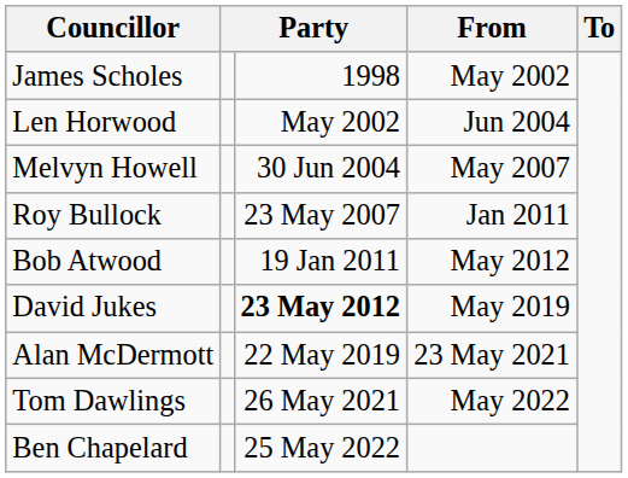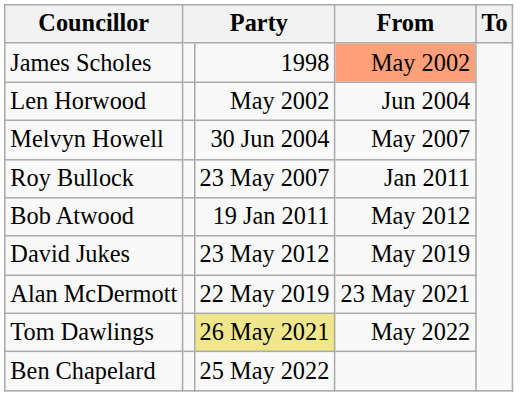 <table class=wikitable>
 <tr>
 <th>Councillor</th>
 <th colspan=2>Party</th>
 <th>From</th>
 <th>To</th>
 </tr>
 <tr>
 <td>James Scholes</td>
 <td></td>
 <td align=right>1998</td>
-<td align=right>May 2002</td>
+<td align=right style="background: lightsalmon;">May 2002</td>
 </tr>
 <tr>
 <td>Len Horwood</td>
 <td></td>
 <td align=right>May 2002</td>
 <td align=right>Jun 2004</td>
 </tr>
 <tr>
 <td>Melvyn Howell</td>
 <td></td>
 <td align=right>30 Jun 2004</td>
 <td align=right>May 2007</td>
 </tr>
 <tr>
 <td>Roy Bullock</td>
 <td></td>
 <td align=right>23 May 2007</td>
 <td align=right>Jan 2011</td>
 </tr>
 <tr>
 <td>Bob Atwood</td>
 <td></td>
 <td align=right>19 Jan 2011</td>
 <td align=right>May 2012</td>
 </tr>
 <tr>
 <td>David Jukes</td>
 <td></td>
-<td align=right><strong>23 May 2012</strong></td>
+<td align=right>23 May 2012</td>
 <td align=right>May 2019</td>
 </tr>
 <tr>
 <td>Alan McDermott</td>
 <td></td>
 <td align=right>22 May 2019</td>
 <td align=right>23 May 2021</td>
 </tr>
 <tr>
 <td>Tom Dawlings</td>
 <td></td>
-<td align=right>26 May 2021</td>
+<td align=right style="background: khaki;">26 May 2021</td>
 <td align=right>May 2022</td>
 </tr>
 <tr>
 <td>Ben Chapelard</td>
 <td></td>
 <td align=right>25 May 2022</td>
 <td></td>
 </tr>
 </table>
